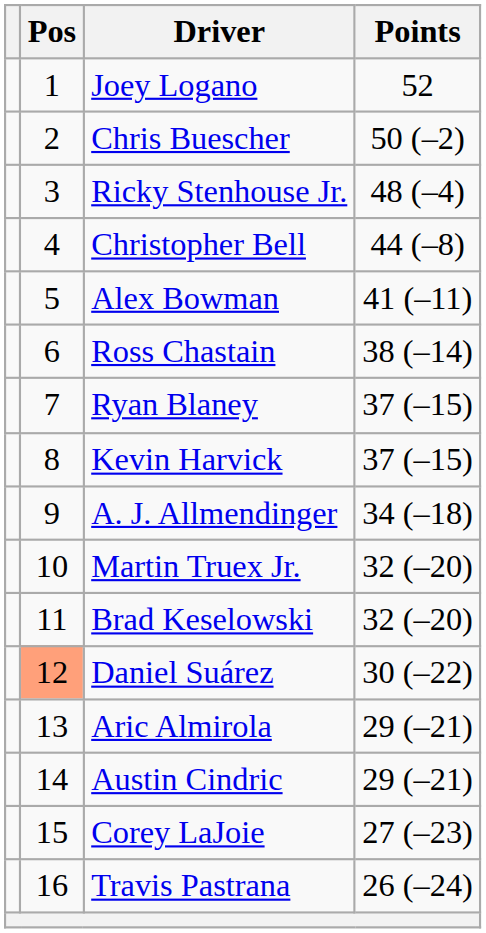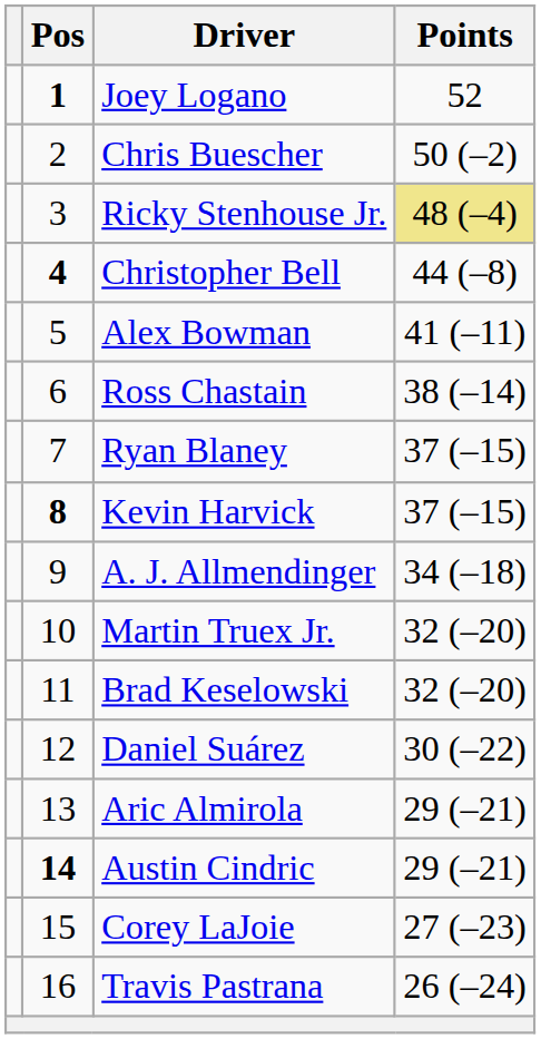 <table class="wikitable" style="font-size: 95%;">
 <tr>
 <th></th>
 <th>Pos</th>
 <th>Driver</th>
 <th>Points</th>
 </tr>
 <tr>
 <td align="left"></td>
-<td style="text-align:center;">1</td>
+<td style="text-align:center;"><strong>1</strong></td>
 <td><a href='#'>Joey Logano</a></td>
 <td style="text-align:center;">52</td>
 </tr>
 <tr>
 <td align="left"></td>
 <td style="text-align:center;">2</td>
 <td><a href='#'>Chris Buescher</a></td>
 <td style="text-align:center;">50 (–2)</td>
 </tr>
 <tr>
 <td align="left"></td>
 <td style="text-align:center;">3</td>
 <td><a href='#'>Ricky Stenhouse Jr.</a></td>
-<td style="text-align:center;">48 (–4)</td>
+<td style="background: khaki; text-align:center;">48 (–4)</td>
 </tr>
 <tr>
 <td align="left"></td>
-<td style="text-align:center;">4</td>
+<td style="text-align:center;"><strong>4</strong></td>
 <td><a href='#'>Christopher Bell</a></td>
 <td style="text-align:center;">44 (–8)</td>
 </tr>
 <tr>
 <td align="left"></td>
 <td style="text-align:center;">5</td>
 <td><a href='#'>Alex Bowman</a></td>
 <td style="text-align:center;">41 (–11)</td>
 </tr>
 <tr>
 <td align="left"></td>
 <td style="text-align:center;">6</td>
 <td><a href='#'>Ross Chastain</a></td>
 <td style="text-align:center;">38 (–14)</td>
 </tr>
 <tr>
 <td align="left"></td>
 <td style="text-align:center;">7</td>
 <td><a href='#'>Ryan Blaney</a></td>
 <td style="text-align:center;">37 (–15)</td>
 </tr>
 <tr>
 <td align="left"></td>
-<td style="text-align:center;">8</td>
+<td style="text-align:center;"><strong>8</strong></td>
 <td><a href='#'>Kevin Harvick</a></td>
 <td style="text-align:center;">37 (–15)</td>
 </tr>
 <tr>
 <td align="left"></td>
 <td style="text-align:center;">9</td>
 <td><a href='#'>A. J. Allmendinger</a></td>
 <td style="text-align:center;">34 (–18)</td>
 </tr>
 <tr>
 <td align="left"></td>
 <td style="text-align:center;">10</td>
 <td><a href='#'>Martin Truex Jr.</a></td>
 <td style="text-align:center;">32 (–20)</td>
 </tr>
 <tr>
 <td align="left"></td>
 <td style="text-align:center;">11</td>
 <td><a href='#'>Brad Keselowski</a></td>
 <td style="text-align:center;">32 (–20)</td>
 </tr>
 <tr>
 <td align="left"></td>
-<td style="background: lightsalmon; text-align:center;">12</td>
+<td style="text-align:center;">12</td>
 <td><a href='#'>Daniel Suárez</a></td>
 <td style="text-align:center;">30 (–22)</td>
 </tr>
 <tr>
 <td align="left"></td>
 <td style="text-align:center;">13</td>
 <td><a href='#'>Aric Almirola</a></td>
 <td style="text-align:center;">29 (–21)</td>
 </tr>
 <tr>
 <td align="left"></td>
-<td style="text-align:center;">14</td>
+<td style="text-align:center;"><strong>14</strong></td>
 <td><a href='#'>Austin Cindric</a></td>
 <td style="text-align:center;">29 (–21)</td>
 </tr>
 <tr>
 <td align="left"></td>
 <td style="text-align:center;">15</td>
 <td><a href='#'>Corey LaJoie</a></td>
 <td style="text-align:center;">27 (–23)</td>
 </tr>
 <tr>
 <td align="left"></td>
 <td style="text-align:center;">16</td>
 <td><a href='#'>Travis Pastrana</a></td>
 <td style="text-align:center;">26 (–24)</td>
 </tr>
 <tr class="sortbottom">
 <th colspan="9"></th>
 </tr>
 </table>
